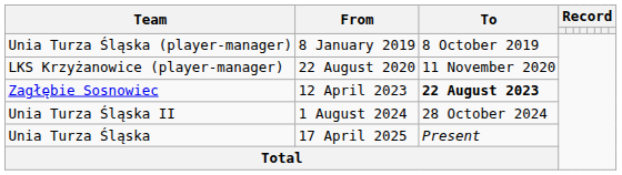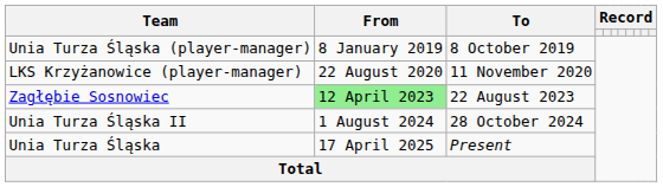 <table class="wikitable" style="text-align: center;">
 <tr>
 <th rowspan="2">Team</th>
 <th rowspan="2">From</th>
 <th rowspan="2">To</th>
 <th colspan="8">Record</th>
 </tr>
 <tr>
 <th></th>
 <th></th>
 <th></th>
 <th></th>
 <th></th>
 <th></th>
 <th></th>
 <th></th>
 </tr>
 <tr>
 <td align=left>Unia Turza Śląska (player-manager)</td>
 <td align=left>8 January 2019</td>
 <td align=left>8 October 2019<br></td>
 </tr>
 <tr>
 <td align=left>LKS Krzyżanowice (player-manager)</td>
 <td align=left>22 August 2020</td>
 <td align=left>11 November 2020<br></td>
 </tr>
 <tr>
 <td align=left><a href='#'>Zagłębie Sosnowiec</a></td>
-<td align=left>12 April 2023</td>
-<td align=left><strong>22 August 2023<br></strong></td>
+<td align=left style="background: lightgreen;">12 April 2023</td>
+<td align=left>22 August 2023<br></td>
 </tr>
 <tr>
 <td align=left>Unia Turza Śląska II</td>
 <td align=left>1 August 2024</td>
 <td align=left>28 October 2024<br></td>
 </tr>
 <tr>
 <td align=left>Unia Turza Śląska</td>
 <td align=left>17 April 2025</td>
 <td align=left><em>Present</em><br></td>
 </tr>
 <tr>
 <th colspan="3">Total<br></th>
 </tr>
 </table>
